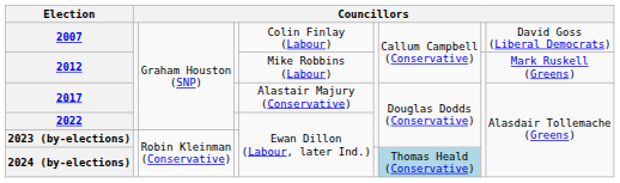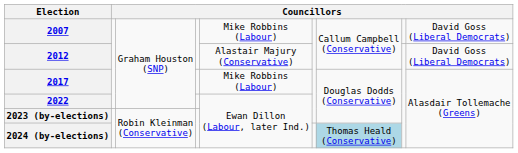 <table class="wikitable" style="text-align:center">
 <tr>
 <th>Election</th>
 <th colspan=8>Councillors</th>
 </tr>
 <tr>
 <th><a href='#'>2007</a></th>
 <td rowspan=4; style="background-color: "></td>
 <td rowspan=4>Graham Houston<br>(<a href='#'>SNP</a>)</td>
 <td rowspan=2; style="background-color: "></td>
-<td rowspan=1>Colin Finlay<br>(<a href='#'>Labour</a>)</td>
+<td rowspan=1>Mike Robbins<br>(<a href='#'>Labour</a>)</td>
 <td rowspan=5; style="background-color: "></td>
 <td rowspan=2>Callum Campbell<br>(<a href='#'>Conservative</a>)</td>
 <td rowspan=1; style="background-color: "></td>
 <td rowspan=1>David Goss<br>(<a href='#'>Liberal Democrats</a>)</td>
 </tr>
 <tr>
 <th><a href='#'>2012</a></th>
-<td rowspan=1>Mike Robbins<br>(<a href='#'>Labour</a>)</td>
+<td rowspan=1>Alastair Majury<br>(<a href='#'>Conservative</a>)</td>
 <td rowspan=5; style="background-color: "></td>
-<td rowspan=1><a href='#'>Mark Ruskell</a><br>(<a href='#'>Greens</a>)</td>
+<td rowspan=1>David Goss<br>(<a href='#'>Liberal Democrats</a>)</td>
 </tr>
 <tr>
 <th><a href='#'>2017</a></th>
 <td rowspan=1; style="background-color: "></td>
-<td rowspan=1>Alastair Majury<br>(<a href='#'>Conservative</a>)</td>
+<td rowspan=1>Mike Robbins<br>(<a href='#'>Labour</a>)</td>
 <td rowspan=3>Douglas Dodds<br>(<a href='#'>Conservative</a>)</td>
 <td rowspan=4>Alasdair Tollemache<br>(<a href='#'>Greens</a>)</td>
 </tr>
 <tr>
 <th><a href='#'>2022</a></th>
 <td rowspan=1; style="background-color: "></td>
 <td rowspan=3>Ewan Dillon<br>(<a href='#'>Labour</a>, later Ind.)</td>
 </tr>
 <tr>
 <th>2023 (by-elections)</th>
 <td rowspan=2; style="background-color: "></td>
 <td rowspan=2>Robin Kleinman<br>(<a href='#'>Conservative</a>)</td>
 <td rowspan=2; style="background-color: "></td>
 </tr>
 <tr>
 <th>2024 (by-elections)</th>
 <td rowspan=1; style="background-color: "></td>
 <td rowspan=1 style="background: lightblue;">Thomas Heald<br>(<a href='#'>Conservative</a>)</td>
 </tr>
 </table>
